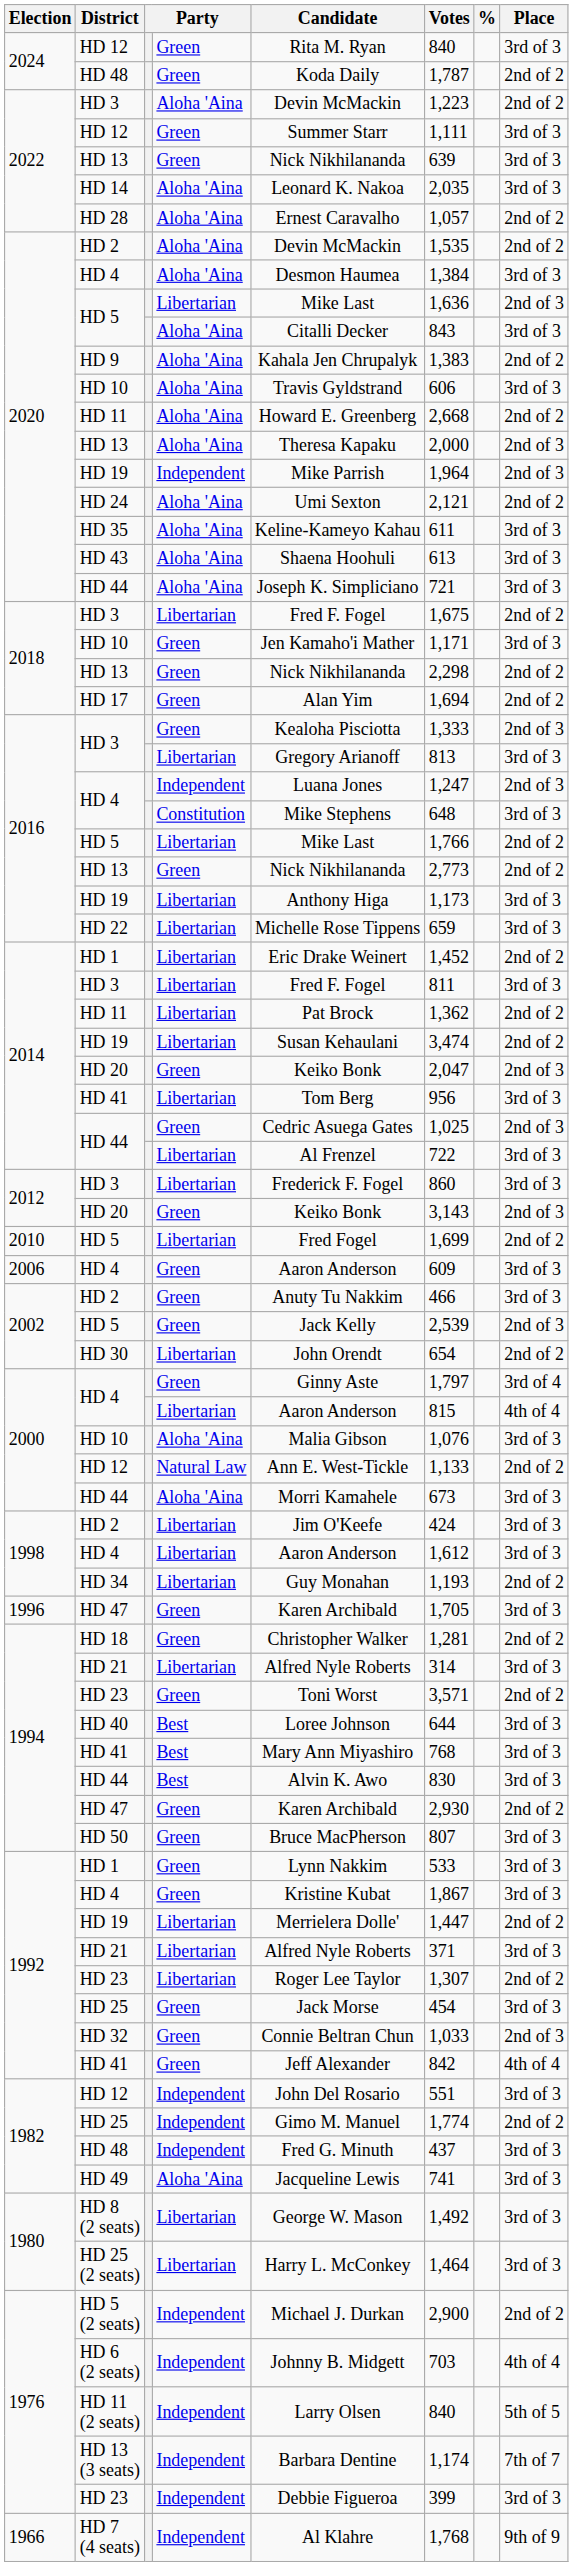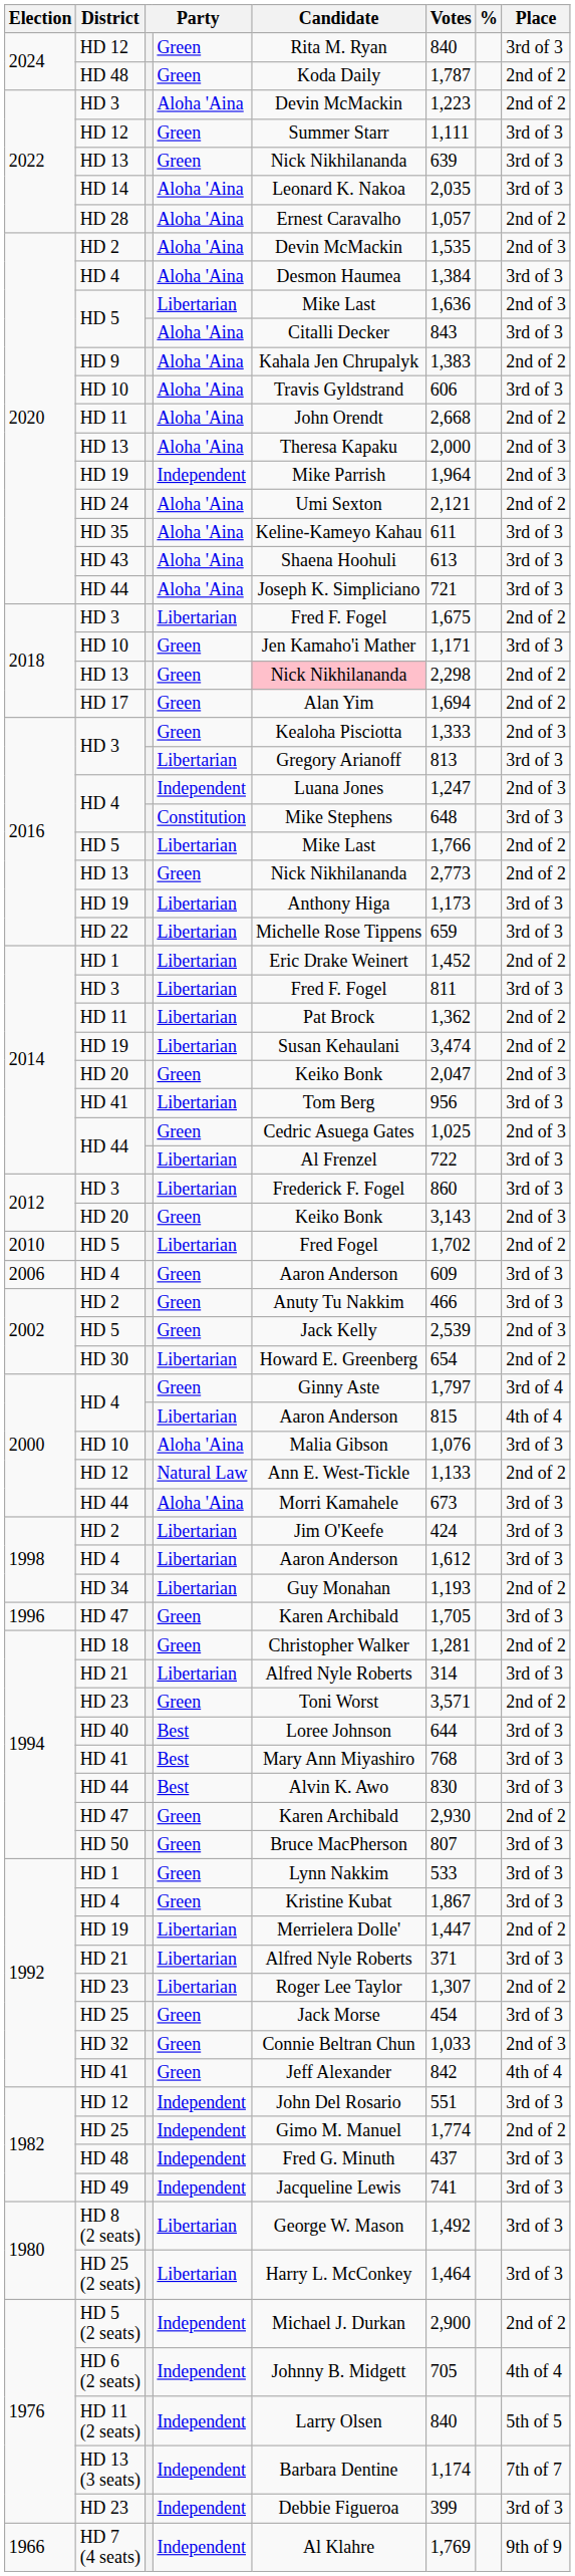 <table class="wikitable sortable">
 <tr>
 <th>Election</th>
 <th>District</th>
 <th colspan=2>Party</th>
 <th>Candidate</th>
 <th>Votes</th>
 <th>%</th>
 <th>Place</th>
 </tr>
 <tr>
 <td rowspan=2>2024</td>
 <td>HD 12</td>
 <th style="background-color:"></th>
 <td><a href='#'>Green</a></td>
 <td align="center">Rita M. Ryan</td>
 <td>840</td>
 <td></td>
 <td>3rd of 3</td>
 </tr>
 <tr>
 <td>HD 48</td>
 <th style="background-color:"></th>
 <td><a href='#'>Green</a></td>
 <td align="center">Koda Daily</td>
 <td>1,787</td>
 <td></td>
 <td>2nd of 2</td>
 </tr>
 <tr>
 <td rowspan=5>2022</td>
 <td>HD 3</td>
 <th style="background-color:"></th>
 <td><a href='#'>Aloha 'Aina</a></td>
 <td align="center">Devin McMackin</td>
 <td>1,223</td>
 <td></td>
 <td>2nd of 2</td>
 </tr>
 <tr>
 <td>HD 12</td>
 <th style="background-color:"></th>
 <td><a href='#'>Green</a></td>
 <td align="center">Summer Starr</td>
 <td>1,111</td>
 <td></td>
 <td>3rd of 3</td>
 </tr>
 <tr>
 <td>HD 13</td>
 <th style="background-color:"></th>
 <td><a href='#'>Green</a></td>
 <td align="center">Nick Nikhilananda</td>
 <td>639</td>
 <td></td>
 <td>3rd of 3</td>
 </tr>
 <tr>
 <td>HD 14</td>
 <th style="background-color:"></th>
 <td><a href='#'>Aloha 'Aina</a></td>
 <td align="center">Leonard K. Nakoa</td>
 <td>2,035</td>
 <td></td>
 <td>3rd of 3</td>
 </tr>
 <tr>
 <td>HD 28</td>
 <th style="background-color:"></th>
 <td><a href='#'>Aloha 'Aina</a></td>
 <td align="center">Ernest Caravalho</td>
 <td>1,057</td>
 <td></td>
 <td>2nd of 2</td>
 </tr>
 <tr>
 <td rowspan=13>2020</td>
 <td>HD 2</td>
 <th style="background-color:"></th>
 <td><a href='#'>Aloha 'Aina</a></td>
 <td align="center">Devin McMackin</td>
 <td>1,535</td>
 <td></td>
-<td>2nd of 2</td>
+<td>2nd of 3</td>
 </tr>
 <tr>
 <td>HD 4</td>
 <th style="background-color:"></th>
 <td><a href='#'>Aloha 'Aina</a></td>
 <td align="center">Desmon Haumea</td>
 <td>1,384</td>
 <td></td>
 <td>3rd of 3</td>
 </tr>
 <tr>
 <td rowspan=2>HD 5</td>
 <th style="background-color:"></th>
 <td><a href='#'>Libertarian</a></td>
 <td align="center">Mike Last</td>
 <td>1,636</td>
 <td></td>
 <td>2nd of 3</td>
 </tr>
 <tr>
 <th style="background-color:"></th>
 <td><a href='#'>Aloha 'Aina</a></td>
 <td align="center">Citalli Decker</td>
 <td>843</td>
 <td></td>
 <td>3rd of 3</td>
 </tr>
 <tr>
 <td>HD 9</td>
 <th style="background-color:"></th>
 <td><a href='#'>Aloha 'Aina</a></td>
 <td align="center">Kahala Jen Chrupalyk</td>
 <td>1,383</td>
 <td></td>
 <td>2nd of 2</td>
 </tr>
 <tr>
 <td>HD 10</td>
 <th style="background-color:"></th>
 <td><a href='#'>Aloha 'Aina</a></td>
 <td align="center">Travis Gyldstrand</td>
 <td>606</td>
 <td></td>
 <td>3rd of 3</td>
 </tr>
 <tr>
 <td>HD 11</td>
 <th style="background-color:"></th>
 <td><a href='#'>Aloha 'Aina</a></td>
-<td align="center">Howard E. Greenberg</td>
+<td align="center">John Orendt</td>
 <td>2,668</td>
 <td></td>
 <td>2nd of 2</td>
 </tr>
 <tr>
 <td>HD 13</td>
 <th style="background-color:"></th>
 <td><a href='#'>Aloha 'Aina</a></td>
 <td align="center">Theresa Kapaku</td>
 <td>2,000</td>
 <td></td>
 <td>2nd of 3</td>
 </tr>
 <tr>
 <td>HD 19</td>
 <th style="background-color:"></th>
 <td><a href='#'>Independent</a></td>
 <td align="center">Mike Parrish</td>
 <td>1,964</td>
 <td></td>
 <td>2nd of 3</td>
 </tr>
 <tr>
 <td>HD 24</td>
 <th style="background-color:"></th>
 <td><a href='#'>Aloha 'Aina</a></td>
 <td align="center">Umi Sexton</td>
 <td>2,121</td>
 <td></td>
 <td>2nd of 2</td>
 </tr>
 <tr>
 <td>HD 35</td>
 <th style="background-color:"></th>
 <td><a href='#'>Aloha 'Aina</a></td>
 <td align="center">Keline-Kameyo Kahau</td>
 <td>611</td>
 <td></td>
 <td>3rd of 3</td>
 </tr>
 <tr>
 <td>HD 43</td>
 <th style="background-color:"></th>
 <td><a href='#'>Aloha 'Aina</a></td>
 <td align="center">Shaena Hoohuli</td>
 <td>613</td>
 <td></td>
 <td>3rd of 3</td>
 </tr>
 <tr>
 <td>HD 44</td>
 <th style="background-color:"></th>
 <td><a href='#'>Aloha 'Aina</a></td>
 <td align="center">Joseph K. Simpliciano</td>
 <td>721</td>
 <td></td>
 <td>3rd of 3</td>
 </tr>
 <tr>
 <td rowspan=4>2018</td>
 <td>HD 3</td>
 <th style="background-color:"></th>
 <td><a href='#'>Libertarian</a></td>
 <td align="center">Fred F. Fogel</td>
 <td>1,675</td>
 <td></td>
 <td>2nd of 2</td>
 </tr>
 <tr>
 <td>HD 10</td>
 <th style="background-color:"></th>
 <td><a href='#'>Green</a></td>
 <td align="center">Jen Kamaho'i Mather</td>
 <td>1,171</td>
 <td></td>
 <td>3rd of 3</td>
 </tr>
 <tr>
 <td>HD 13</td>
 <th style="background-color:"></th>
 <td><a href='#'>Green</a></td>
-<td align="center">Nick Nikhilananda</td>
+<td align="center" style="background: pink;">Nick Nikhilananda</td>
 <td>2,298</td>
 <td></td>
 <td>2nd of 2</td>
 </tr>
 <tr>
 <td>HD 17</td>
 <th style="background-color:"></th>
 <td><a href='#'>Green</a></td>
 <td align="center">Alan Yim</td>
 <td>1,694</td>
 <td></td>
 <td>2nd of 2</td>
 </tr>
 <tr>
 <td rowspan=8>2016</td>
 <td rowspan=2>HD 3</td>
 <th style="background-color:"></th>
 <td><a href='#'>Green</a></td>
 <td align="center">Kealoha Pisciotta</td>
 <td>1,333</td>
 <td></td>
 <td>2nd of 3</td>
 </tr>
 <tr>
 <th style="background-color:"></th>
 <td><a href='#'>Libertarian</a></td>
 <td align="center">Gregory Arianoff</td>
 <td>813</td>
 <td></td>
 <td>3rd of 3</td>
 </tr>
 <tr>
 <td rowspan=2>HD 4</td>
 <th style="background-color:"></th>
 <td><a href='#'>Independent</a></td>
 <td align="center">Luana Jones</td>
 <td>1,247</td>
 <td></td>
 <td>2nd of 3</td>
 </tr>
 <tr>
 <th style="background-color:"></th>
 <td><a href='#'>Constitution</a></td>
 <td align="center">Mike Stephens</td>
 <td>648</td>
 <td></td>
 <td>3rd of 3</td>
 </tr>
 <tr>
 <td>HD 5</td>
 <th style="background-color:"></th>
 <td><a href='#'>Libertarian</a></td>
 <td align="center">Mike Last</td>
 <td>1,766</td>
 <td></td>
 <td>2nd of 2</td>
 </tr>
 <tr>
 <td>HD 13</td>
 <th style="background-color:"></th>
 <td><a href='#'>Green</a></td>
 <td align="center">Nick Nikhilananda</td>
 <td>2,773</td>
 <td></td>
 <td>2nd of 2</td>
 </tr>
 <tr>
 <td>HD 19</td>
 <th style="background-color:"></th>
 <td><a href='#'>Libertarian</a></td>
 <td align="center">Anthony Higa</td>
 <td>1,173</td>
 <td></td>
 <td>3rd of 3</td>
 </tr>
 <tr>
 <td>HD 22</td>
 <th style="background-color:"></th>
 <td><a href='#'>Libertarian</a></td>
 <td align="center">Michelle Rose Tippens</td>
 <td>659</td>
 <td></td>
 <td>3rd of 3</td>
 </tr>
 <tr>
 <td rowspan=8>2014</td>
 <td>HD 1</td>
 <th style="background-color:"></th>
 <td><a href='#'>Libertarian</a></td>
 <td align="center">Eric Drake Weinert</td>
 <td>1,452</td>
 <td></td>
 <td>2nd of 2</td>
 </tr>
 <tr>
 <td>HD 3</td>
 <th style="background-color:"></th>
 <td><a href='#'>Libertarian</a></td>
 <td align="center">Fred F. Fogel</td>
 <td>811</td>
 <td></td>
 <td>3rd of 3</td>
 </tr>
 <tr>
 <td>HD 11</td>
 <th style="background-color:"></th>
 <td><a href='#'>Libertarian</a></td>
 <td align="center">Pat Brock</td>
 <td>1,362</td>
 <td></td>
 <td>2nd of 2</td>
 </tr>
 <tr>
 <td>HD 19</td>
 <th style="background-color:"></th>
 <td><a href='#'>Libertarian</a></td>
 <td align="center">Susan Kehaulani</td>
 <td>3,474</td>
 <td></td>
 <td>2nd of 2</td>
 </tr>
 <tr>
 <td>HD 20</td>
 <th style="background-color:"></th>
 <td><a href='#'>Green</a></td>
 <td align="center">Keiko Bonk</td>
 <td>2,047</td>
 <td></td>
 <td>2nd of 3</td>
 </tr>
 <tr>
 <td>HD 41</td>
 <th style="background-color:"></th>
 <td><a href='#'>Libertarian</a></td>
 <td align="center">Tom Berg</td>
 <td>956</td>
 <td></td>
 <td>3rd of 3</td>
 </tr>
 <tr>
 <td rowspan=2>HD 44</td>
 <th style="background-color:"></th>
 <td><a href='#'>Green</a></td>
 <td align="center">Cedric Asuega Gates</td>
 <td>1,025</td>
 <td></td>
 <td>2nd of 3</td>
 </tr>
 <tr>
 <th style="background-color:"></th>
 <td><a href='#'>Libertarian</a></td>
 <td align="center">Al Frenzel</td>
 <td>722</td>
 <td></td>
 <td>3rd of 3</td>
 </tr>
 <tr>
 <td rowspan=2>2012</td>
 <td>HD 3</td>
 <th style="background-color:"></th>
 <td><a href='#'>Libertarian</a></td>
 <td align="center">Frederick F. Fogel</td>
 <td>860</td>
 <td></td>
 <td>3rd of 3</td>
 </tr>
 <tr>
 <td>HD 20</td>
 <th style="background-color:"></th>
 <td><a href='#'>Green</a></td>
 <td align="center">Keiko Bonk</td>
 <td>3,143</td>
 <td></td>
 <td>2nd of 3</td>
 </tr>
 <tr>
 <td>2010</td>
 <td>HD 5</td>
 <th style="background-color:"></th>
 <td><a href='#'>Libertarian</a></td>
 <td align="center">Fred Fogel</td>
-<td>1,699</td>
+<td>1,702</td>
 <td></td>
 <td>2nd of 2</td>
 </tr>
 <tr>
 <td>2006</td>
 <td>HD 4</td>
 <th style="background-color:"></th>
 <td><a href='#'>Green</a></td>
 <td align="center">Aaron Anderson</td>
 <td>609</td>
 <td></td>
 <td>3rd of 3</td>
 </tr>
 <tr>
 <td rowspan=3>2002</td>
 <td>HD 2</td>
 <th style="background-color:"></th>
 <td><a href='#'>Green</a></td>
 <td align="center">Anuty Tu Nakkim</td>
 <td>466</td>
 <td></td>
 <td>3rd of 3</td>
 </tr>
 <tr>
 <td>HD 5</td>
 <th style="background-color:"></th>
 <td><a href='#'>Green</a></td>
 <td align="center">Jack Kelly</td>
 <td>2,539</td>
 <td></td>
 <td>2nd of 3<br></td>
 </tr>
 <tr>
 <td>HD 30</td>
 <th style="background-color:"></th>
 <td><a href='#'>Libertarian</a></td>
-<td align="center">John Orendt</td>
+<td align="center">Howard E. Greenberg</td>
 <td>654</td>
 <td></td>
 <td>2nd of 2</td>
 </tr>
 <tr>
 <td rowspan=5>2000</td>
 <td rowspan=2>HD 4</td>
 <th style="background-color:"></th>
 <td><a href='#'>Green</a></td>
 <td align="center">Ginny Aste</td>
 <td>1,797</td>
 <td></td>
 <td>3rd of 4</td>
 </tr>
 <tr>
 <th style="background-color:"></th>
 <td><a href='#'>Libertarian</a></td>
 <td align="center">Aaron Anderson</td>
 <td>815</td>
 <td></td>
 <td>4th of 4</td>
 </tr>
 <tr>
 <td>HD 10</td>
 <th style="background-color:"></th>
 <td><a href='#'>Aloha 'Aina</a></td>
 <td align="center">Malia Gibson</td>
 <td>1,076</td>
 <td></td>
 <td>3rd of 3</td>
 </tr>
 <tr>
 <td>HD 12</td>
 <th style="background-color:"></th>
 <td><a href='#'>Natural Law</a></td>
 <td align="center">Ann E. West-Tickle</td>
 <td>1,133</td>
 <td></td>
 <td>2nd of 2</td>
 </tr>
 <tr>
 <td>HD 44</td>
 <th style="background-color:"></th>
 <td><a href='#'>Aloha 'Aina</a></td>
 <td align="center">Morri Kamahele</td>
 <td>673</td>
 <td></td>
 <td>3rd of 3</td>
 </tr>
 <tr>
 <td rowspan=3>1998</td>
 <td>HD 2</td>
 <th style="background-color:"></th>
 <td><a href='#'>Libertarian</a></td>
 <td align="center">Jim O'Keefe</td>
 <td>424</td>
 <td></td>
 <td>3rd of 3</td>
 </tr>
 <tr>
 <td>HD 4</td>
 <th style="background-color:"></th>
 <td><a href='#'>Libertarian</a></td>
 <td align="center">Aaron Anderson</td>
 <td>1,612</td>
 <td></td>
 <td>3rd of 3</td>
 </tr>
 <tr>
 <td>HD 34</td>
 <th style="background-color:"></th>
 <td><a href='#'>Libertarian</a></td>
 <td align="center">Guy Monahan</td>
 <td>1,193</td>
 <td></td>
 <td>2nd of 2</td>
 </tr>
 <tr>
 <td>1996</td>
 <td>HD 47</td>
 <th style="background-color:"></th>
 <td><a href='#'>Green</a></td>
 <td align="center">Karen Archibald</td>
 <td>1,705</td>
 <td></td>
 <td>3rd of 3</td>
 </tr>
 <tr>
 <td rowspan=8>1994</td>
 <td>HD 18</td>
 <th style="background-color:"></th>
 <td><a href='#'>Green</a></td>
 <td align="center">Christopher Walker</td>
 <td>1,281</td>
 <td></td>
 <td>2nd of 2</td>
 </tr>
 <tr>
 <td>HD 21</td>
 <th style="background-color:"></th>
 <td><a href='#'>Libertarian</a></td>
 <td align="center">Alfred Nyle Roberts</td>
 <td>314</td>
 <td></td>
 <td>3rd of 3</td>
 </tr>
 <tr>
 <td>HD 23</td>
 <th style="background-color:"></th>
 <td><a href='#'>Green</a></td>
 <td align="center">Toni Worst</td>
 <td>3,571</td>
 <td></td>
 <td>2nd of 2</td>
 </tr>
 <tr>
 <td>HD 40</td>
 <th style="background-color:"></th>
 <td><a href='#'>Best</a></td>
 <td align="center">Loree Johnson</td>
 <td>644</td>
 <td></td>
 <td>3rd of 3</td>
 </tr>
 <tr>
 <td>HD 41</td>
 <th style="background-color:"></th>
 <td><a href='#'>Best</a></td>
 <td align="center">Mary Ann Miyashiro</td>
 <td>768</td>
 <td></td>
 <td>3rd of 3</td>
 </tr>
 <tr>
 <td>HD 44</td>
 <th style="background-color:"></th>
 <td><a href='#'>Best</a></td>
 <td align="center">Alvin K. Awo</td>
 <td>830</td>
 <td></td>
 <td>3rd of 3</td>
 </tr>
 <tr>
 <td>HD 47</td>
 <th style="background-color:"></th>
 <td><a href='#'>Green</a></td>
 <td align="center">Karen Archibald</td>
 <td>2,930</td>
 <td></td>
 <td>2nd of 2</td>
 </tr>
 <tr>
 <td>HD 50</td>
 <th style="background-color:"></th>
 <td><a href='#'>Green</a></td>
 <td align="center">Bruce MacPherson</td>
 <td>807</td>
 <td></td>
 <td>3rd of 3</td>
 </tr>
 <tr>
 <td rowspan=8>1992</td>
 <td>HD 1</td>
 <th style="background-color:"></th>
 <td><a href='#'>Green</a></td>
 <td align="center">Lynn Nakkim</td>
 <td>533</td>
 <td></td>
 <td>3rd of 3</td>
 </tr>
 <tr>
 <td>HD 4</td>
 <th style="background-color:"></th>
 <td><a href='#'>Green</a></td>
 <td align="center">Kristine Kubat</td>
 <td>1,867</td>
 <td></td>
 <td>3rd of 3</td>
 </tr>
 <tr>
 <td>HD 19</td>
 <th style="background-color:"></th>
 <td><a href='#'>Libertarian</a></td>
 <td align="center">Merrielera Dolle'</td>
 <td>1,447</td>
 <td></td>
 <td>2nd of 2</td>
 </tr>
 <tr>
 <td>HD 21</td>
 <th style="background-color:"></th>
 <td><a href='#'>Libertarian</a></td>
 <td align="center">Alfred Nyle Roberts</td>
 <td>371</td>
 <td></td>
 <td>3rd of 3</td>
 </tr>
 <tr>
 <td>HD 23</td>
 <th style="background-color:"></th>
 <td><a href='#'>Libertarian</a></td>
 <td align="center">Roger Lee Taylor</td>
 <td>1,307</td>
 <td></td>
 <td>2nd of 2</td>
 </tr>
 <tr>
 <td>HD 25</td>
 <th style="background-color:"></th>
 <td><a href='#'>Green</a></td>
 <td align="center">Jack Morse</td>
 <td>454</td>
 <td></td>
 <td>3rd of 3</td>
 </tr>
 <tr>
 <td>HD 32</td>
 <th style="background-color:"></th>
 <td><a href='#'>Green</a></td>
 <td align="center">Connie Beltran Chun</td>
 <td>1,033</td>
 <td></td>
 <td>2nd of 3</td>
 </tr>
 <tr>
 <td>HD 41</td>
 <th style="background-color:"></th>
 <td><a href='#'>Green</a></td>
 <td align="center">Jeff Alexander</td>
 <td>842</td>
 <td></td>
 <td>4th of 4</td>
 </tr>
 <tr>
 <td rowspan=4>1982</td>
 <td>HD 12</td>
 <th style="background-color:"></th>
 <td><a href='#'>Independent</a></td>
 <td align="center">John Del Rosario</td>
 <td>551</td>
 <td></td>
 <td>3rd of 3</td>
 </tr>
 <tr>
 <td>HD 25</td>
 <th style="background-color:"></th>
 <td><a href='#'>Independent</a></td>
 <td align="center">Gimo M. Manuel</td>
 <td>1,774</td>
 <td></td>
 <td>2nd of 2</td>
 </tr>
 <tr>
 <td>HD 48</td>
 <th style="background-color:"></th>
 <td><a href='#'>Independent</a></td>
 <td align="center">Fred G. Minuth</td>
 <td>437</td>
 <td></td>
 <td>3rd of 3</td>
 </tr>
 <tr>
 <td>HD 49</td>
 <th style="background-color:"></th>
-<td><a href='#'>Aloha 'Aina</a></td>
+<td><a href='#'>Independent</a></td>
 <td align="center">Jacqueline Lewis</td>
 <td>741</td>
 <td></td>
 <td>3rd of 3</td>
 </tr>
 <tr>
 <td rowspan=2>1980</td>
 <td>HD 8<br>(2 seats)</td>
 <th style="background-color:"></th>
 <td><a href='#'>Libertarian</a></td>
 <td align="center">George W. Mason</td>
 <td>1,492</td>
 <td></td>
 <td>3rd of 3</td>
 </tr>
 <tr>
 <td>HD 25<br>(2 seats)</td>
 <th style="background-color:"></th>
 <td><a href='#'>Libertarian</a></td>
 <td align="center">Harry L. McConkey</td>
 <td>1,464</td>
 <td></td>
 <td>3rd of 3</td>
 </tr>
 <tr>
 <td rowspan=5>1976</td>
 <td>HD 5<br>(2 seats)</td>
 <th style="background-color:"></th>
 <td><a href='#'>Independent</a></td>
 <td align="center">Michael J. Durkan</td>
 <td>2,900</td>
 <td></td>
 <td>2nd of 2</td>
 </tr>
 <tr>
 <td>HD 6<br>(2 seats)</td>
 <th style="background-color:"></th>
 <td><a href='#'>Independent</a></td>
 <td align="center">Johnny B. Midgett</td>
-<td>703</td>
+<td>705</td>
 <td></td>
 <td>4th of 4</td>
 </tr>
 <tr>
 <td>HD 11<br>(2 seats)</td>
 <th style="background-color:"></th>
 <td><a href='#'>Independent</a></td>
 <td align="center">Larry Olsen</td>
 <td>840</td>
 <td></td>
 <td>5th of 5</td>
 </tr>
 <tr>
 <td>HD 13<br>(3 seats)</td>
 <th style="background-color:"></th>
 <td><a href='#'>Independent</a></td>
 <td align="center">Barbara Dentine</td>
 <td>1,174</td>
 <td></td>
 <td>7th of 7</td>
 </tr>
 <tr>
 <td>HD 23</td>
 <th style="background-color:"></th>
 <td><a href='#'>Independent</a></td>
 <td align="center">Debbie Figueroa</td>
 <td>399</td>
 <td></td>
 <td>3rd of 3</td>
 </tr>
 <tr>
 <td>1966</td>
 <td>HD 7<br>(4 seats)</td>
 <th style="background-color:"></th>
 <td><a href='#'>Independent</a></td>
 <td align="center">Al Klahre</td>
-<td>1,768</td>
+<td>1,769</td>
 <td></td>
 <td>9th of 9</td>
 </tr>
 </table>
